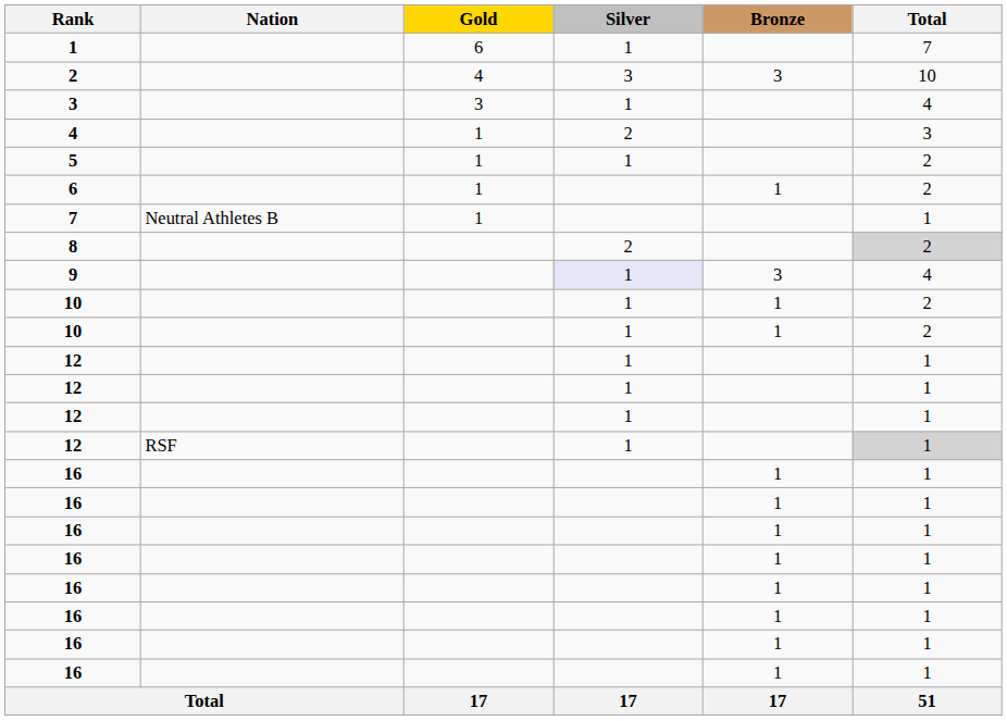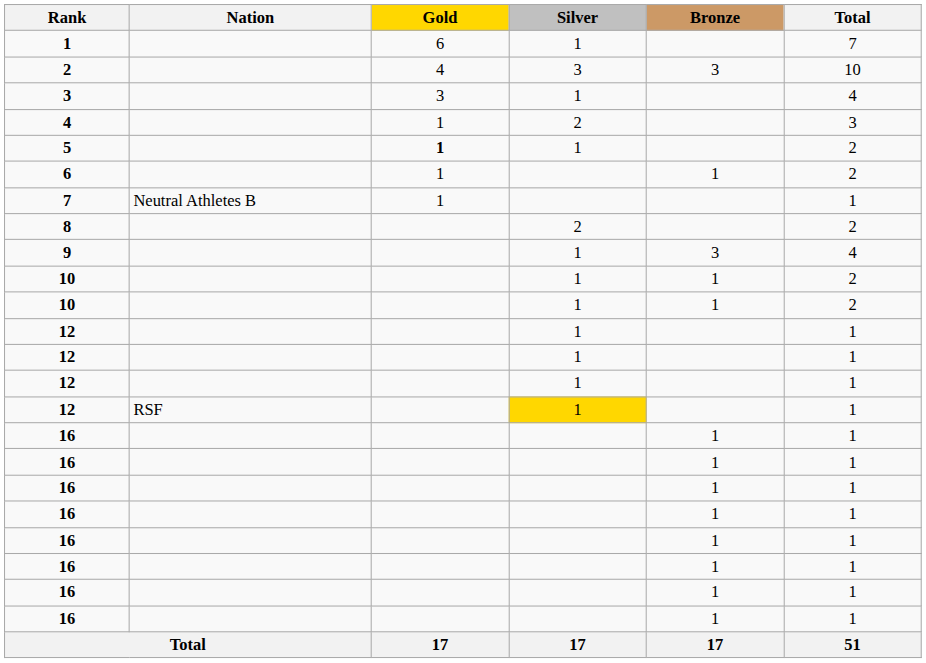 <table class="wikitable collapsible autocollapse plainrowheaders" width=70.5% style="text-align:center;">
 <tr style="background-color:#EDEDED;">
 <th width=100px class="hintergrundfarbe5">Rank</th>
 <th width=200px class="hintergrundfarbe6">Nation</th>
 <th style="background:    gold; width:15%">Gold</th>
 <th style="background:  silver; width:15%">Silver</th>
 <th style="background: #CC9966; width:15%">Bronze</th>
 <th class="hintergrundfarbe6" style="width:15%">Total</th>
 </tr>
 <tr>
 <td><strong>1</strong></td>
 <td align=left></td>
 <td>6</td>
 <td>1</td>
 <td></td>
 <td>7</td>
 </tr>
 <tr>
 <td><strong>2</strong></td>
 <td align=left></td>
 <td>4</td>
 <td>3</td>
 <td>3</td>
 <td>10</td>
 </tr>
 <tr>
 <td><strong>3</strong></td>
 <td align=left></td>
 <td>3</td>
 <td>1</td>
 <td></td>
 <td>4</td>
 </tr>
 <tr>
 <td><strong>4</strong></td>
 <td align=left></td>
 <td>1</td>
 <td>2</td>
 <td></td>
 <td>3</td>
 </tr>
 <tr>
 <td><strong>5</strong></td>
 <td align=left></td>
-<td>1</td>
+<td><strong>1</strong></td>
 <td>1</td>
 <td></td>
 <td>2</td>
 </tr>
 <tr>
 <td><strong>6</strong></td>
 <td align=left></td>
 <td>1</td>
 <td></td>
 <td>1</td>
 <td>2</td>
 </tr>
 <tr>
 <td><strong>7</strong></td>
 <td align=left> Neutral Athletes B</td>
 <td>1</td>
 <td></td>
 <td></td>
 <td>1</td>
 </tr>
 <tr>
 <td><strong>8</strong></td>
 <td align=left></td>
 <td></td>
 <td>2</td>
 <td></td>
-<td style="background: lightgrey;">2</td>
+<td>2</td>
 </tr>
 <tr>
 <td><strong>9</strong></td>
 <td align=left></td>
 <td></td>
-<td style="background: lavender;">1</td>
+<td>1</td>
 <td>3</td>
 <td>4</td>
 </tr>
 <tr>
 <td><strong>10</strong></td>
 <td align=left></td>
 <td></td>
 <td>1</td>
 <td>1</td>
 <td>2</td>
 </tr>
 <tr>
 <td><strong>10</strong></td>
 <td align=left></td>
 <td></td>
 <td>1</td>
 <td>1</td>
 <td>2</td>
 </tr>
 <tr>
 <td><strong>12</strong></td>
 <td align=left></td>
 <td></td>
 <td>1</td>
 <td></td>
 <td>1</td>
 </tr>
 <tr>
 <td><strong>12</strong></td>
 <td align=left></td>
 <td></td>
 <td>1</td>
 <td></td>
 <td>1</td>
 </tr>
 <tr>
 <td><strong>12</strong></td>
 <td align=left></td>
 <td></td>
 <td>1</td>
 <td></td>
 <td>1</td>
 </tr>
 <tr>
 <td><strong>12</strong></td>
 <td align=left>RSF</td>
 <td></td>
+<td style="background: gold;">1</td>
+<td></td>
 <td>1</td>
-<td></td>
-<td style="background: lightgrey;">1</td>
 </tr>
 <tr>
 <td><strong>16</strong></td>
 <td align=left></td>
 <td></td>
 <td></td>
 <td>1</td>
 <td>1</td>
 </tr>
 <tr>
 <td><strong>16</strong></td>
 <td align=left></td>
 <td></td>
 <td></td>
 <td>1</td>
 <td>1</td>
 </tr>
 <tr>
 <td><strong>16</strong></td>
 <td align=left></td>
 <td></td>
 <td></td>
 <td>1</td>
 <td>1</td>
 </tr>
 <tr>
 <td><strong>16</strong></td>
 <td align=left></td>
 <td></td>
 <td></td>
 <td>1</td>
 <td>1</td>
 </tr>
 <tr>
 <td><strong>16</strong></td>
 <td align=left></td>
 <td></td>
 <td></td>
 <td>1</td>
 <td>1</td>
 </tr>
 <tr>
 <td><strong>16</strong></td>
 <td align=left></td>
 <td></td>
 <td></td>
 <td>1</td>
 <td>1</td>
 </tr>
 <tr>
 <td><strong>16</strong></td>
 <td align=left></td>
 <td></td>
 <td></td>
 <td>1</td>
 <td>1</td>
 </tr>
 <tr>
 <td><strong>16</strong></td>
 <td align=left></td>
 <td></td>
 <td></td>
 <td>1</td>
 <td>1</td>
 </tr>
 <tr>
 <th colspan=2>Total</th>
 <th>17</th>
 <th>17</th>
 <th>17</th>
 <th>51</th>
 </tr>
 </table>
